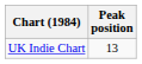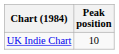 <table class="wikitable sortable">
 <tr>
 <th scope=col>Chart (1984)</th>
 <th scope="col">Peak<br>position</th>
 </tr>
 <tr>
 <td><a href='#'>UK Indie Chart</a></td>
-<td style="text-align:center;">13</td>
+<td style="text-align:center;">10</td>
 </tr>
 </table>
